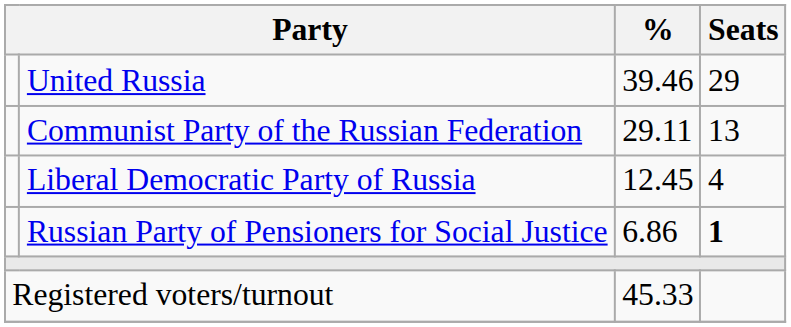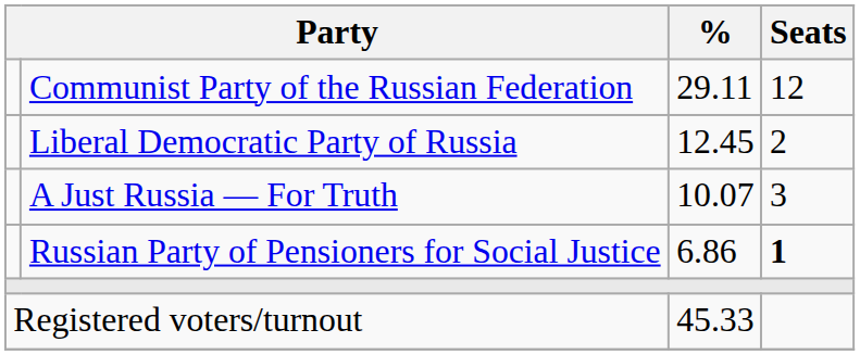 <table class="wikitable">
 <tr>
 <th colspan=2>Party</th>
 <th>%</th>
 <th>Seats</th>
 </tr>
 <tr>
 <td style="background:"></td>
-<td><a href='#'>United Russia</a></td>
-<td>39.46</td>
-<td>29</td>
-</tr>
-<tr>
-<td style="background:"></td>
 <td><a href='#'>Communist Party of the Russian Federation</a></td>
 <td>29.11</td>
-<td>13</td>
+<td>12</td>
 </tr>
 <tr>
 <td style="background:"></td>
 <td><a href='#'>Liberal Democratic Party of Russia</a></td>
 <td>12.45</td>
-<td>4</td>
+<td>2</td>
+</tr>
+<tr>
+<td style="background:"></td>
+<td><a href='#'>A Just Russia — For Truth</a></td>
+<td>10.07</td>
+<td>3</td>
 </tr>
 <tr>
 <td style="background:"></td>
 <td><a href='#'>Russian Party of Pensioners for Social Justice</a></td>
 <td>6.86</td>
 <td><strong>1</strong></td>
 </tr>
 <tr>
 <td colspan=4 style="background:#E9E9E9;"></td>
 </tr>
 <tr>
 <td align=left colspan=2>Registered voters/turnout</td>
 <td>45.33</td>
 <td></td>
 </tr>
 <tr>
 </tr>
 </table>
